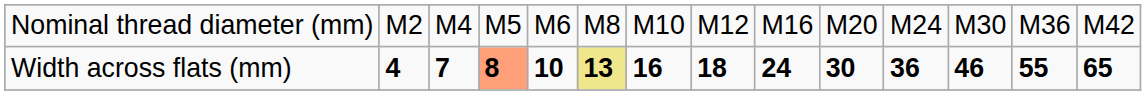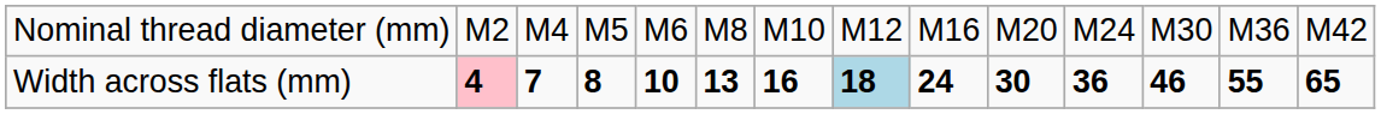 <table class="wikitable">
 <tr>
 <td>Nominal thread diameter (mm)</td>
 <td>M2</td>
 <td>M4</td>
 <td>M5</td>
 <td>M6</td>
 <td>M8</td>
 <td>M10</td>
 <td>M12</td>
 <td>M16</td>
 <td>M20</td>
 <td>M24</td>
 <td>M30</td>
 <td>M36</td>
 <td>M42</td>
 </tr>
 <tr>
 <td>Width across flats (mm)</td>
-<td><strong>4</strong></td>
+<td style="background: pink;"><strong>4</strong></td>
 <td><strong>7</strong></td>
-<td style="background: lightsalmon;"><strong>8</strong></td>
+<td><strong>8</strong></td>
 <td><strong>10</strong></td>
-<td style="background: khaki;"><strong>13</strong></td>
+<td><strong>13</strong></td>
 <td><strong>16</strong></td>
-<td><strong>18</strong></td>
+<td style="background: lightblue;"><strong>18</strong></td>
 <td><strong>24</strong></td>
 <td><strong>30</strong></td>
 <td><strong>36</strong></td>
 <td><strong>46</strong></td>
 <td><strong>55</strong></td>
 <td><strong>65</strong></td>
 </tr>
 </table>
